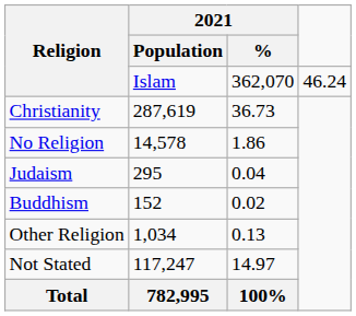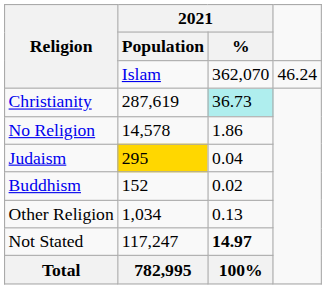 <table class="wikitable sortable">
 <tr>
 <th rowspan="3">Religion</th>
 <th colspan="2">2021</th>
 </tr>
 <tr>
 <th>Population</th>
 <th>%</th>
 </tr>
 <tr>
 <td><a href='#'>Islam</a></td>
 <td>362,070</td>
 <td>46.24</td>
 </tr>
 <tr>
 <td><a href='#'>Christianity</a></td>
 <td>287,619</td>
-<td>36.73</td>
+<td style="background: paleturquoise;">36.73</td>
 </tr>
 <tr>
 <td><a href='#'>No Religion</a></td>
 <td>14,578</td>
 <td>1.86</td>
 </tr>
 <tr>
 <td><a href='#'>Judaism</a></td>
-<td>295</td>
+<td style="background: gold;">295</td>
 <td>0.04</td>
 </tr>
 <tr>
 <td><a href='#'>Buddhism</a></td>
 <td>152</td>
 <td>0.02</td>
 </tr>
 <tr>
 <td>Other Religion</td>
 <td>1,034</td>
 <td>0.13</td>
 </tr>
 <tr>
 <td>Not Stated</td>
 <td>117,247</td>
-<td>14.97</td>
+<td><strong>14.97</strong></td>
 </tr>
 <tr>
 <th>Total</th>
 <th>782,995</th>
 <th>100%</th>
 </tr>
 </table>
